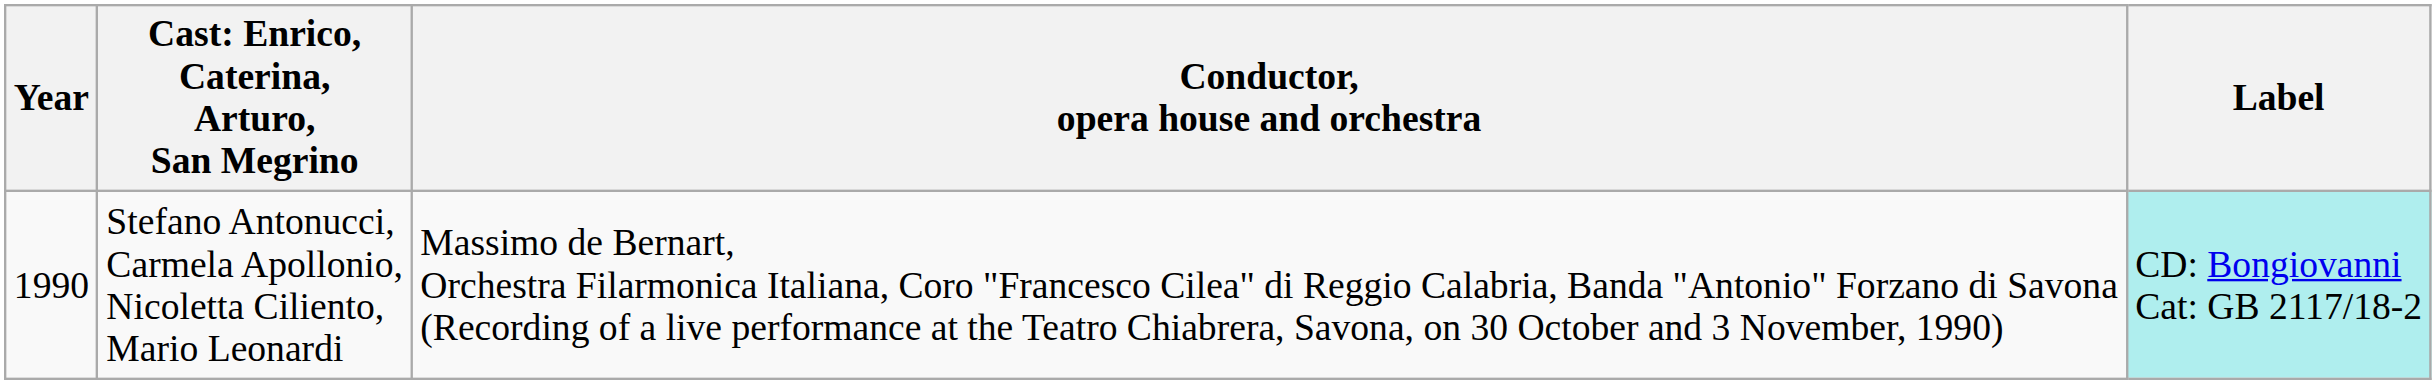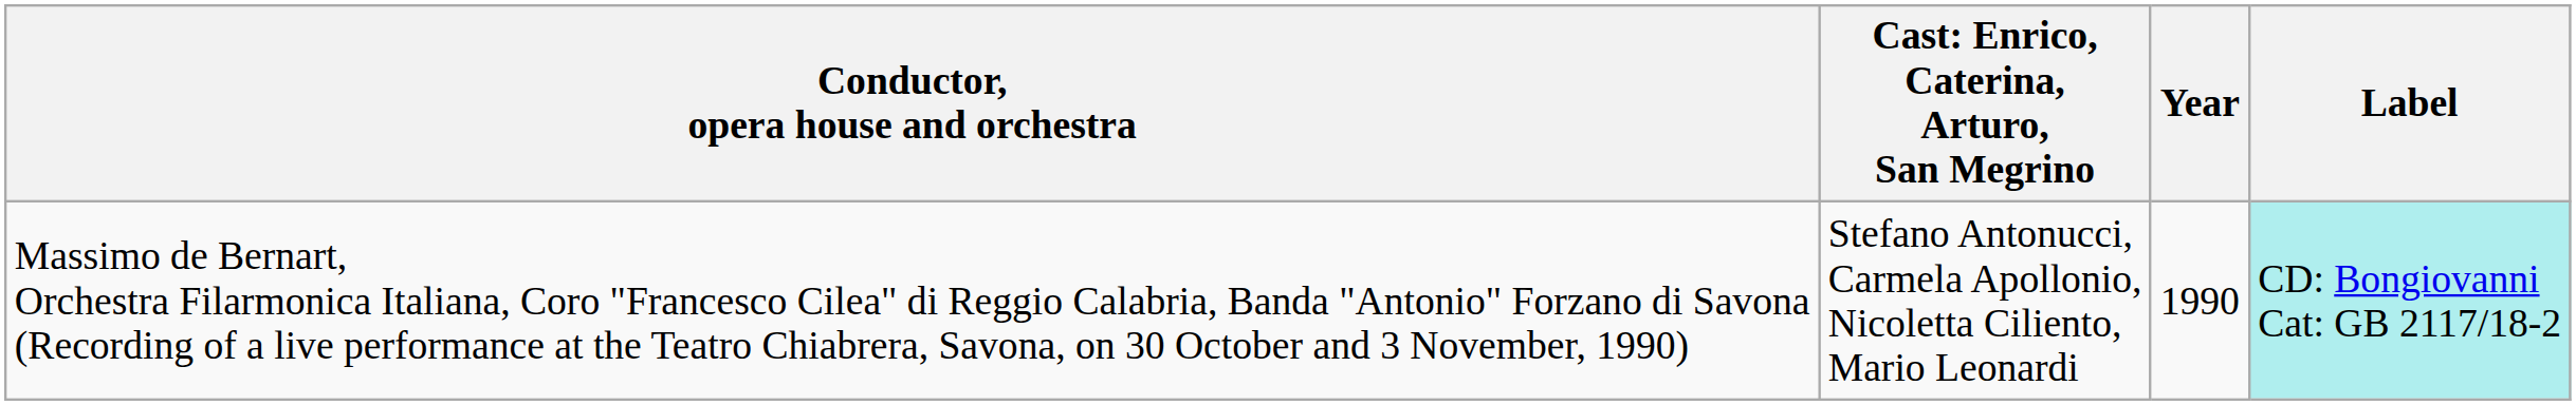 <table class="wikitable">
 <tr>
+<th>Conductor,<br>opera house and orchestra</th>
+<th>Cast: Enrico,<br>Caterina,<br>Arturo,<br>San Megrino</th>
 <th>Year</th>
-<th>Cast: Enrico,<br>Caterina,<br>Arturo,<br>San Megrino</th>
-<th>Conductor,<br>opera house and orchestra</th>
 <th>Label</th>
 </tr>
 <tr>
+<td>Massimo de Bernart,<br>Orchestra Filarmonica Italiana, Coro "Francesco Cilea" di Reggio Calabria, Banda "Antonio" Forzano di Savona<br>(Recording of a live performance at the Teatro Chiabrera, Savona, on 30 October and 3 November, 1990)</td>
+<td>Stefano Antonucci,<br>Carmela Apollonio,<br>Nicoletta Ciliento,<br>Mario Leonardi</td>
 <td>1990</td>
-<td>Stefano Antonucci,<br>Carmela Apollonio,<br>Nicoletta Ciliento,<br>Mario Leonardi</td>
-<td>Massimo de Bernart,<br>Orchestra Filarmonica Italiana, Coro "Francesco Cilea" di Reggio Calabria, Banda "Antonio" Forzano di Savona<br>(Recording of a live performance at the Teatro Chiabrera, Savona, on 30 October and 3 November, 1990)</td>
 <td style="background: paleturquoise;">CD: <a href='#'>Bongiovanni</a><br>Cat: GB 2117/18-2</td>
 </tr>
 </table>
